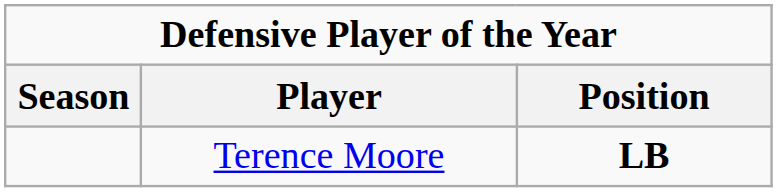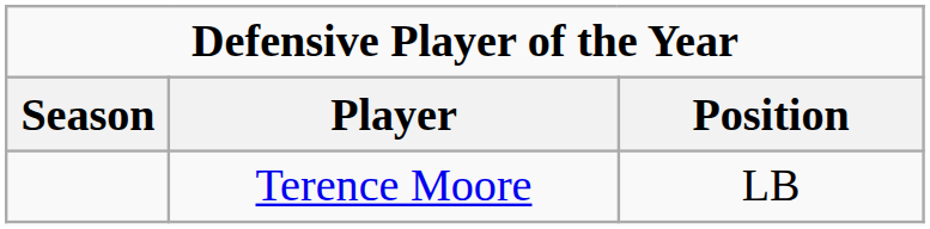 <table class="wikitable sortable" style="text-align:center">
 <tr>
 <td colspan="4"><strong>Defensive Player of the Year</strong></td>
 </tr>
 <tr>
 <th style="width:50px; ">Season</th>
 <th style="width:150px; ">Player</th>
 <th style="width:100px; ">Position</th>
 </tr>
 <tr>
 <td></td>
 <td><a href='#'>Terence Moore</a></td>
-<td><strong>LB</strong></td>
+<td>LB</td>
 </tr>
 </table>
